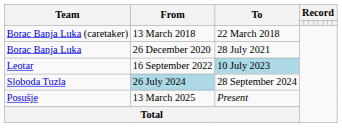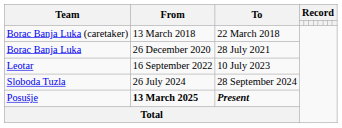 <table class="wikitable" style="text-align: center">
 <tr>
 <th rowspan="2">Team</th>
 <th rowspan="2">From</th>
 <th rowspan="2">To</th>
 <th colspan="8">Record</th>
 </tr>
 <tr>
 <th></th>
 <th></th>
 <th></th>
 <th></th>
 <th></th>
 <th></th>
 <th></th>
 <th></th>
 </tr>
 <tr>
 <td align="left"><a href='#'>Borac Banja Luka</a> (caretaker)</td>
 <td align="left">13 March 2018</td>
 <td align="left">22 March 2018<br></td>
 </tr>
 <tr>
 <td align="left"><a href='#'>Borac Banja Luka</a></td>
 <td align="left">26 December 2020</td>
 <td align="left">28 July 2021<br></td>
 </tr>
 <tr>
 <td align="left"><a href='#'>Leotar</a></td>
 <td align="left">16 September 2022</td>
-<td align="left" style="background: lightblue;">10 July 2023<br></td>
+<td align="left">10 July 2023<br></td>
 </tr>
 <tr>
 <td align="left"><a href='#'>Sloboda Tuzla</a></td>
-<td align="left" style="background: lightblue;">26 July 2024</td>
+<td align="left">26 July 2024</td>
 <td align="left">28 September 2024<br></td>
 </tr>
 <tr>
 <td align="left"><a href='#'>Posušje</a></td>
-<td align="left">13 March 2025</td>
-<td align="left"><em>Present</em><br></td>
+<td align="left"><strong>13 March 2025</strong></td>
+<td align="left"><strong><em>Present</em><br></strong></td>
 </tr>
 <tr>
 <th colspan="3">Total<br></th>
 </tr>
 </table>
